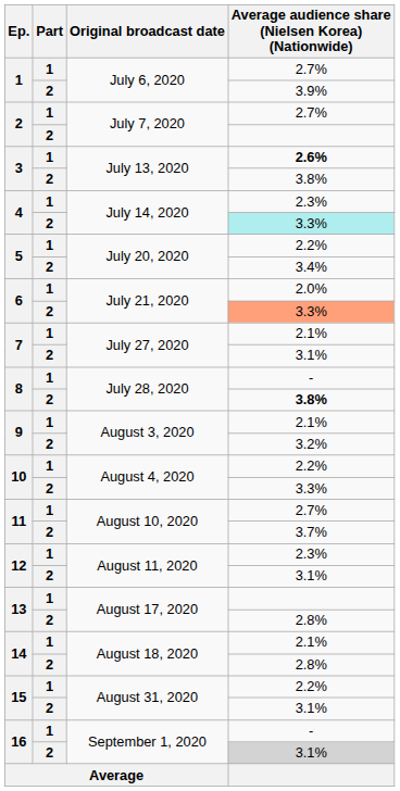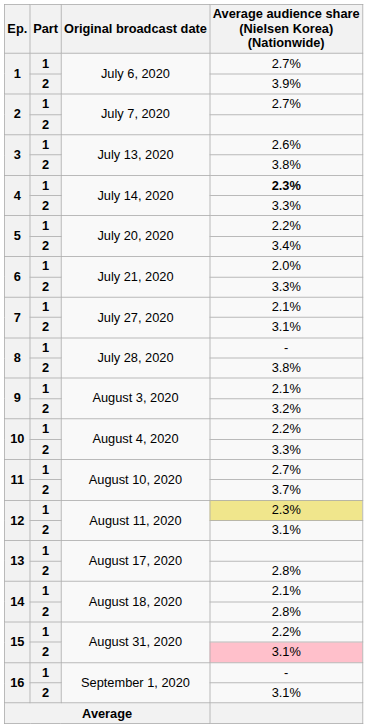 <table class="wikitable" style="text-align:center">
 <tr>
 <th>Ep.</th>
 <th>Part</th>
 <th>Original broadcast date</th>
 <th>Average audience share<br>(Nielsen Korea)<br>(Nationwide)</th>
 </tr>
 <tr>
 <th rowspan="2"><strong>1</strong></th>
 <th>1</th>
 <td rowspan="2">July 6, 2020</td>
 <td>2.7%</td>
 </tr>
 <tr>
 <th>2</th>
 <td>3.9%</td>
 </tr>
 <tr>
 <th rowspan="2"><strong>2</strong></th>
 <th>1</th>
 <td rowspan="2">July 7, 2020</td>
 <td>2.7%</td>
 </tr>
 <tr>
 <th>2</th>
 <td></td>
 </tr>
 <tr>
 <th rowspan="2"><strong>3</strong></th>
 <th>1</th>
 <td rowspan="2">July 13, 2020</td>
-<td><strong>2.6%</strong></td>
+<td>2.6%</td>
 </tr>
 <tr>
 <th>2</th>
 <td>3.8%</td>
 </tr>
 <tr>
 <th rowspan="2">4</th>
 <th>1</th>
 <td rowspan="2">July 14, 2020</td>
-<td>2.3%</td>
+<td><strong>2.3%</strong></td>
 </tr>
 <tr>
 <th>2</th>
-<td style="background: paleturquoise;">3.3%</td>
+<td>3.3%</td>
 </tr>
 <tr>
 <th rowspan="2">5</th>
 <th>1</th>
 <td rowspan="2">July 20, 2020</td>
 <td>2.2%</td>
 </tr>
 <tr>
 <th>2</th>
 <td>3.4%</td>
 </tr>
 <tr>
 <th rowspan="2">6</th>
 <th>1</th>
 <td rowspan="2">July 21, 2020</td>
 <td>2.0%</td>
 </tr>
 <tr>
 <th>2</th>
-<td style="background: lightsalmon;">3.3%</td>
+<td>3.3%</td>
 </tr>
 <tr>
 <th rowspan="2">7</th>
 <th>1</th>
 <td rowspan="2">July 27, 2020</td>
 <td>2.1%</td>
 </tr>
 <tr>
 <th>2</th>
 <td>3.1%</td>
 </tr>
 <tr>
 <th rowspan="2">8</th>
 <th>1</th>
 <td rowspan="2">July 28, 2020</td>
 <td>-</td>
 </tr>
 <tr>
 <th>2</th>
-<td><strong>3.8%</strong></td>
+<td>3.8%</td>
 </tr>
 <tr>
 <th rowspan="2">9</th>
 <th>1</th>
 <td rowspan="2">August 3, 2020</td>
 <td>2.1%</td>
 </tr>
 <tr>
 <th>2</th>
 <td>3.2%</td>
 </tr>
 <tr>
 <th rowspan="2">10</th>
 <th>1</th>
 <td rowspan="2">August 4, 2020</td>
 <td>2.2%</td>
 </tr>
 <tr>
 <th>2</th>
 <td>3.3%</td>
 </tr>
 <tr>
 <th rowspan="2">11</th>
 <th>1</th>
 <td rowspan="2">August 10, 2020</td>
 <td>2.7%</td>
 </tr>
 <tr>
 <th>2</th>
 <td>3.7%</td>
 </tr>
 <tr>
 <th rowspan="2">12</th>
 <th>1</th>
 <td rowspan="2">August 11, 2020</td>
-<td>2.3%</td>
+<td style="background: khaki;">2.3%</td>
 </tr>
 <tr>
 <th>2</th>
 <td>3.1%</td>
 </tr>
 <tr>
 <th rowspan="2">13</th>
 <th>1</th>
 <td rowspan="2">August 17, 2020</td>
 <td></td>
 </tr>
 <tr>
 <th>2</th>
 <td>2.8%</td>
 </tr>
 <tr>
 <th rowspan="2">14</th>
 <th>1</th>
 <td rowspan="2">August 18, 2020</td>
 <td>2.1%</td>
 </tr>
 <tr>
 <th>2</th>
 <td>2.8%</td>
 </tr>
 <tr>
 <th rowspan="2">15</th>
 <th>1</th>
 <td rowspan="2">August 31, 2020</td>
 <td>2.2%</td>
 </tr>
 <tr>
 <th>2</th>
-<td>3.1%</td>
+<td style="background: pink;">3.1%</td>
 </tr>
 <tr>
 <th rowspan="2">16</th>
 <th>1</th>
 <td rowspan="2">September 1, 2020</td>
 <td>-</td>
 </tr>
 <tr>
 <th>2</th>
-<td style="background: lightgrey;">3.1%</td>
+<td>3.1%</td>
 </tr>
 <tr>
 <th colspan="3">Average</th>
 <th></th>
 </tr>
 </table>
